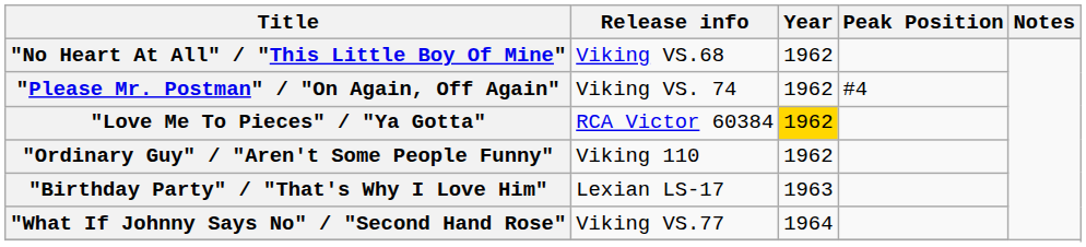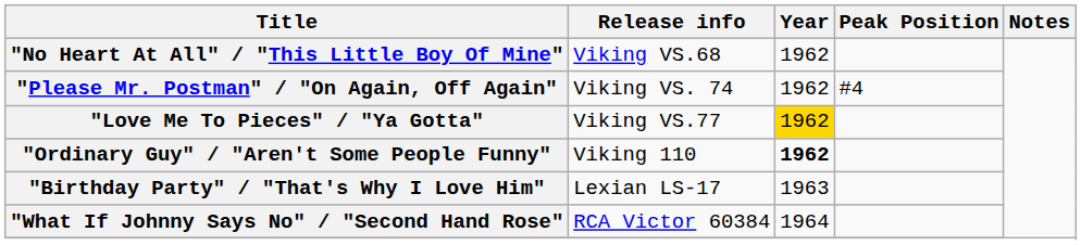 <table class="wikitable plainrowheaders sortable">
 <tr>
 <th scope="col">Title</th>
 <th scope="col">Release info</th>
 <th scope="col">Year</th>
 <th scope="col">Peak Position</th>
 <th scope="col" class="unsortable">Notes</th>
 </tr>
 <tr>
 <th scope="row">"No Heart At All" / "<a href='#'>This Little Boy Of Mine</a>"</th>
 <td><a href='#'>Viking</a> VS.68</td>
 <td>1962</td>
 <td></td>
 </tr>
 <tr>
 <th scope="row">"<a href='#'>Please Mr. Postman</a>" / "On Again, Off Again"</th>
 <td>Viking VS. 74</td>
 <td>1962</td>
 <td>#4 </td>
 </tr>
 <tr>
 <th scope="row">"Love Me To Pieces" / "Ya Gotta"</th>
-<td><a href='#'>RCA Victor</a> 60384</td>
+<td>Viking VS.77</td>
 <td style="background: gold;">1962</td>
 <td></td>
 </tr>
 <tr>
 <th scope="row">"Ordinary Guy" / "Aren't Some People Funny"</th>
 <td>Viking 110</td>
-<td>1962</td>
+<td><strong>1962</strong></td>
 <td></td>
 </tr>
 <tr>
 <th scope="row">"Birthday Party" / "That's Why I Love Him"</th>
 <td>Lexian LS-17</td>
 <td>1963</td>
 <td></td>
 </tr>
 <tr>
 <th scope="row">"What If Johnny Says No" / "Second Hand Rose"</th>
-<td>Viking VS.77</td>
+<td><a href='#'>RCA Victor</a> 60384</td>
 <td>1964</td>
 <td></td>
 </tr>
 <tr>
 </tr>
 </table>
